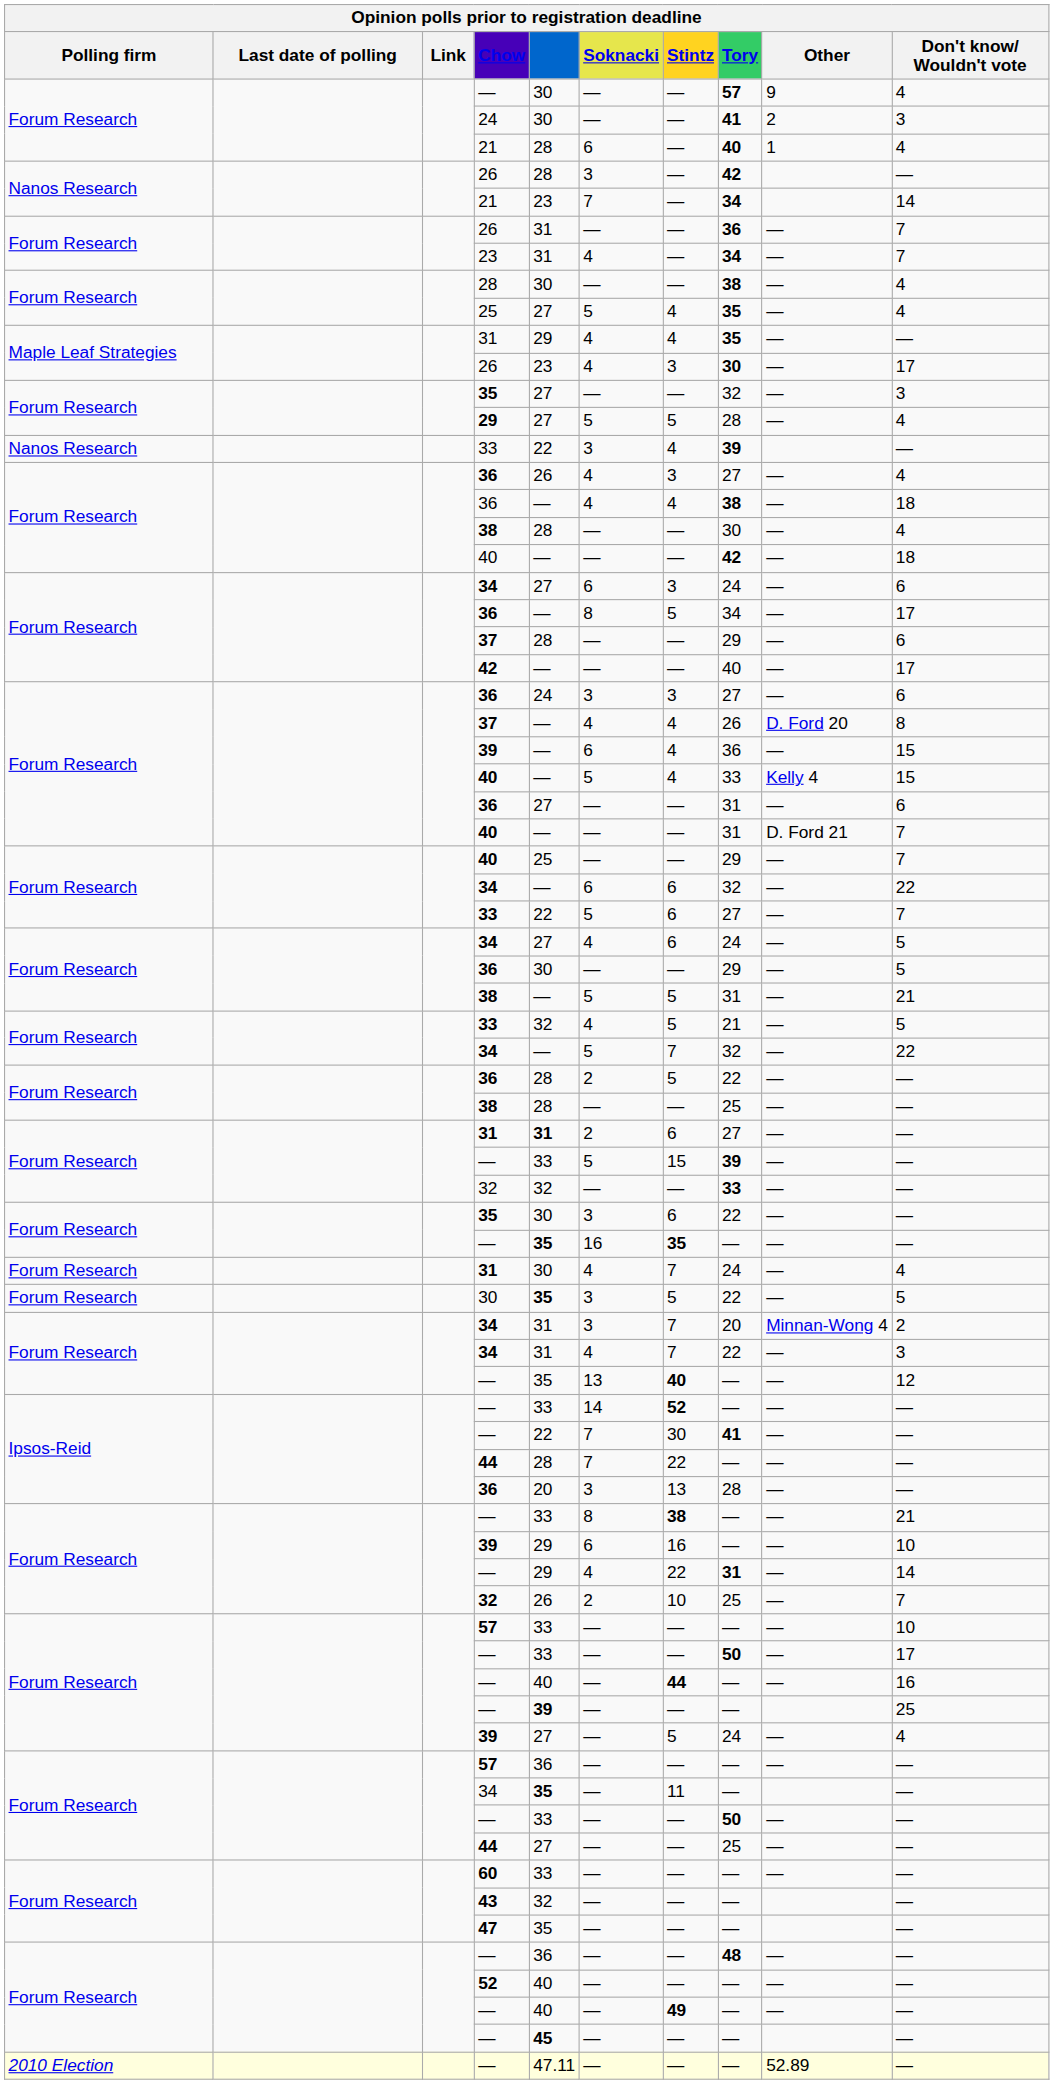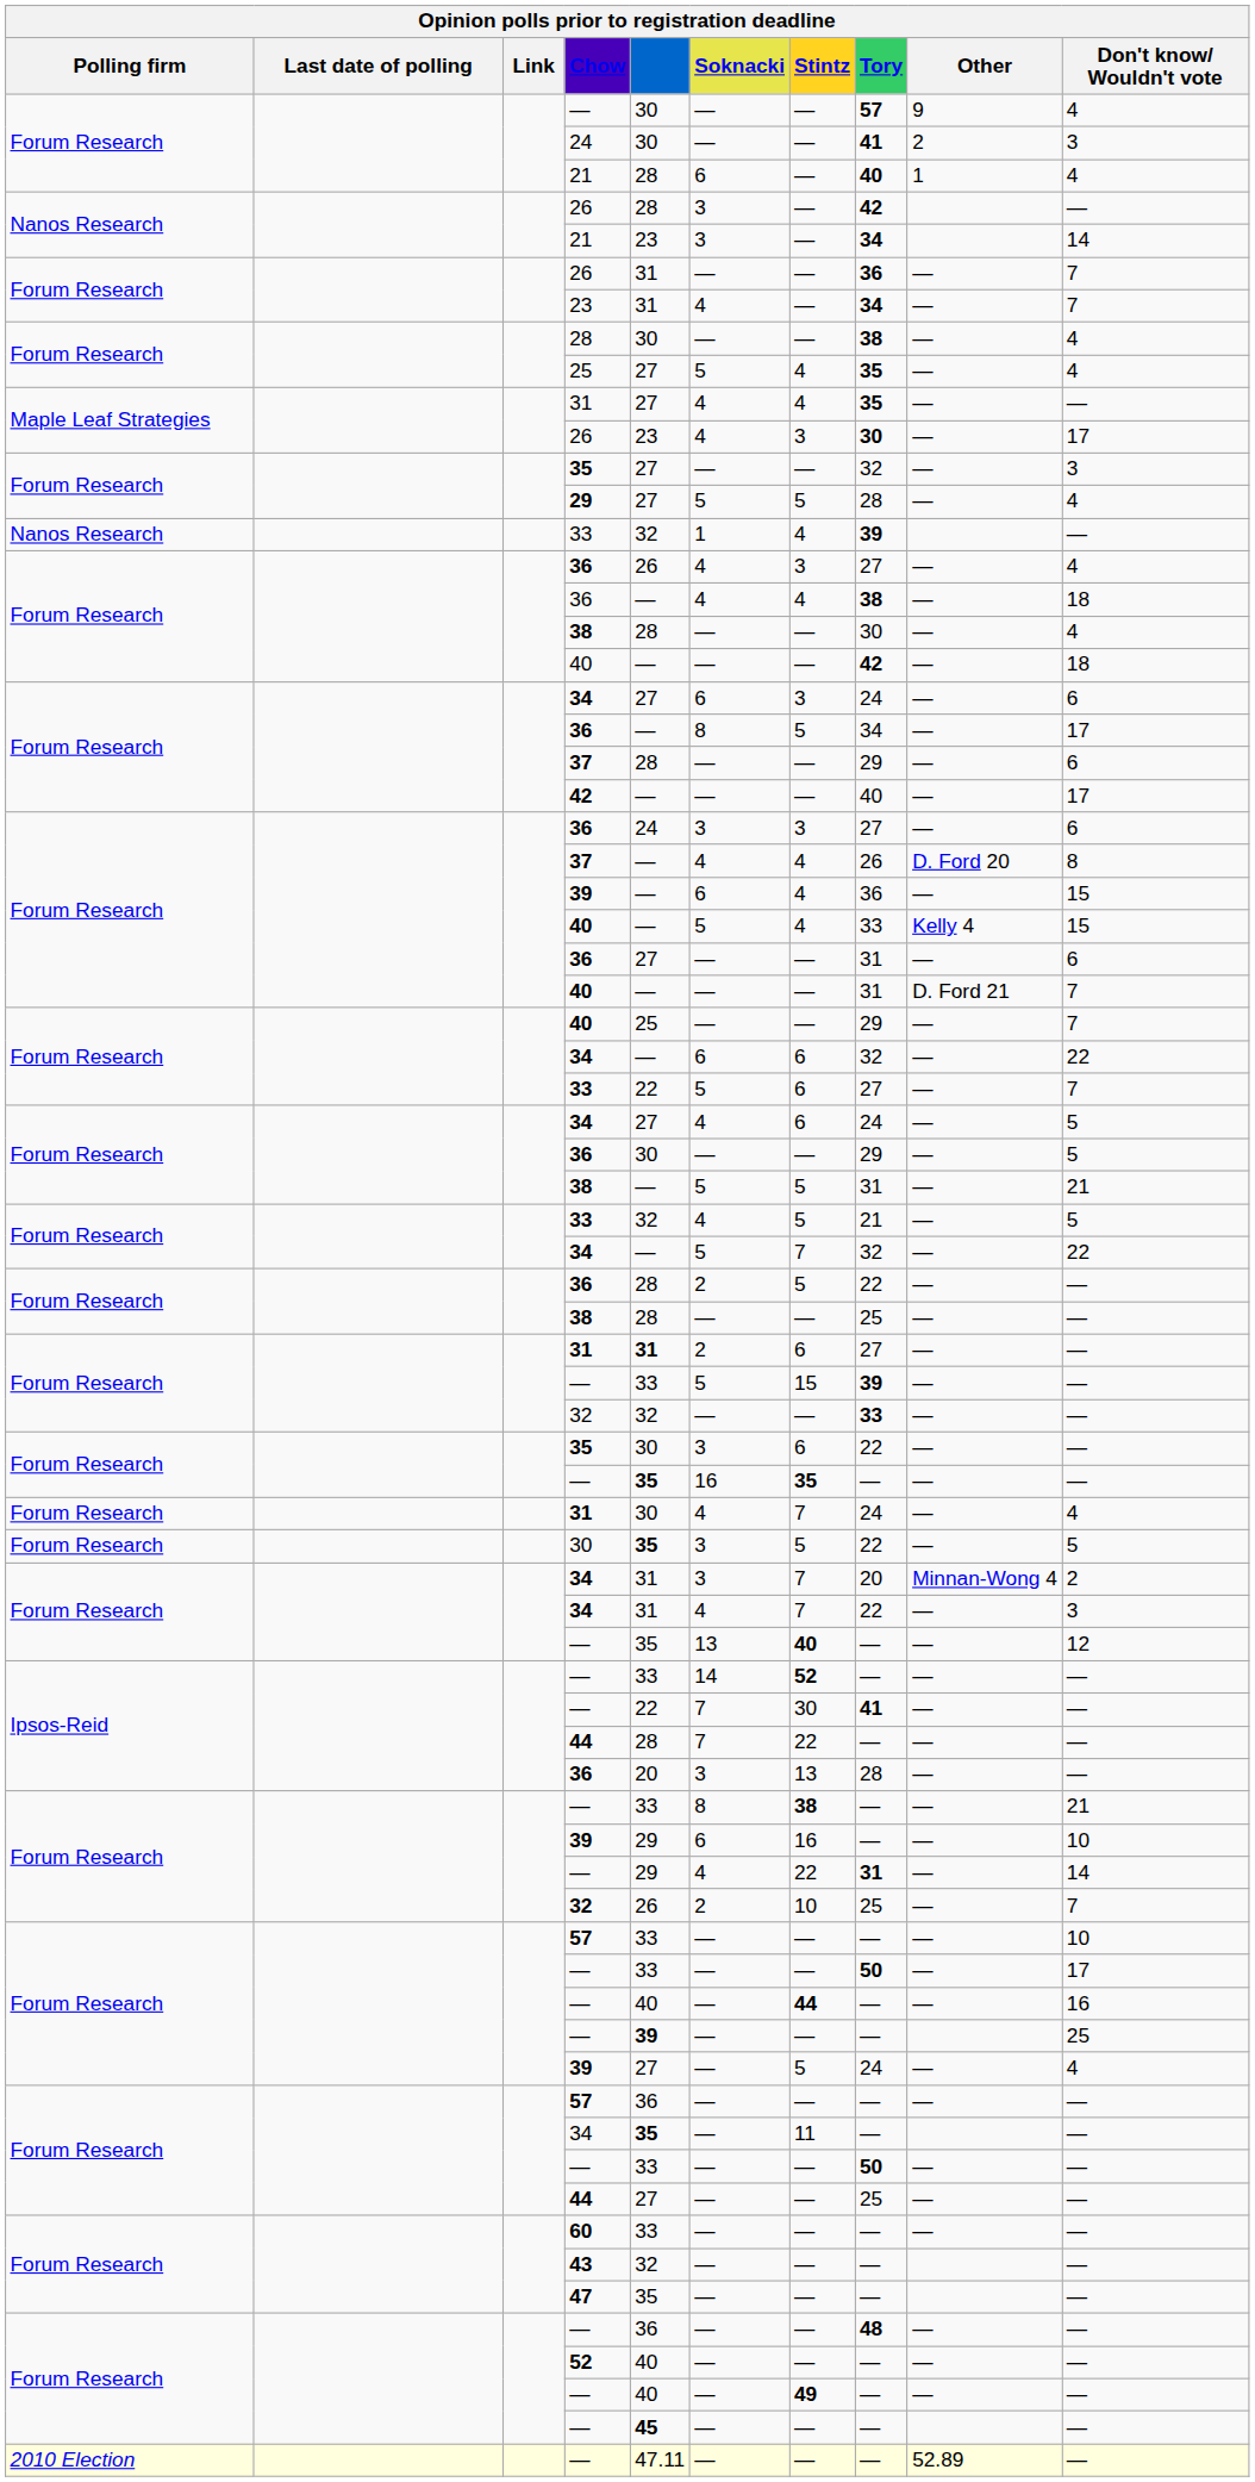 <table class="wikitable collapsible sortable collapsed">
 <tr style="background:#e9e9e9;">
 <th width=750px, colspan="10">Opinion polls prior to registration deadline</th>
 </tr>
 <tr style="background:#e9e9e9;">
 <th width=20%>Polling firm</th>
 <th width=20%>Last date of polling</th>
 <th style="width:5%;" class="unsortable">Link</th>
 <th style="background-color: #4700B8;" align="center"><strong><a href='#'><span>Chow</span></a></strong></th>
 <th style="background-color: #0066CC;" align="center"><strong><a href='#'><span></span></a></strong></th>
 <th style="background-color: #E6E64C;" align="center"><strong><a href='#'>Soknacki</a></strong></th>
 <th style="background-color: #FFD320;" align="center"><strong><a href='#'>Stintz</a></strong></th>
 <th style="background-color: #33CC66;" align="center"><strong><a href='#'>Tory</a></strong></th>
 <th style="background-color:"><strong>Other</strong></th>
 <th width=15%>Don't know/<br>Wouldn't vote</th>
 </tr>
 <tr>
 <td rowspan=3><a href='#'>Forum Research</a></td>
 <td rowspan=3></td>
 <td rowspan=3></td>
 <td>—</td>
 <td>30</td>
 <td>—</td>
 <td>—</td>
 <td><strong>57</strong></td>
 <td>9</td>
 <td>4</td>
 </tr>
 <tr>
 <td>24</td>
 <td>30</td>
 <td>—</td>
 <td>—</td>
 <td><strong>41</strong></td>
 <td>2</td>
 <td>3</td>
 </tr>
 <tr>
 <td>21</td>
 <td>28</td>
 <td>6</td>
 <td>—</td>
 <td><strong>40</strong></td>
 <td>1</td>
 <td>4</td>
 </tr>
 <tr>
 <td rowspan=2><a href='#'>Nanos Research</a></td>
 <td rowspan=2></td>
 <td rowspan=2></td>
 <td>26</td>
 <td>28</td>
 <td>3</td>
 <td>—</td>
 <td><strong>42</strong></td>
 <td></td>
 <td>—</td>
 </tr>
 <tr>
 <td>21</td>
 <td>23</td>
-<td>7</td>
+<td>3</td>
 <td>—</td>
 <td><strong>34</strong></td>
 <td></td>
 <td>14</td>
 </tr>
 <tr>
 <td rowspan=2><a href='#'>Forum Research</a></td>
 <td rowspan=2></td>
 <td rowspan=2></td>
 <td>26</td>
 <td>31</td>
 <td>—</td>
 <td>—</td>
 <td><strong>36</strong></td>
 <td>—</td>
 <td>7</td>
 </tr>
 <tr>
 <td>23</td>
 <td>31</td>
 <td>4</td>
 <td>—</td>
 <td><strong>34</strong></td>
 <td>—</td>
 <td>7</td>
 </tr>
 <tr>
 <td rowspan=2><a href='#'>Forum Research</a></td>
 <td rowspan=2></td>
 <td rowspan=2></td>
 <td>28</td>
 <td>30</td>
 <td>—</td>
 <td>—</td>
 <td><strong>38</strong></td>
 <td>—</td>
 <td>4</td>
 </tr>
 <tr>
 <td>25</td>
 <td>27</td>
 <td>5</td>
 <td>4</td>
 <td><strong>35</strong></td>
 <td>—</td>
 <td>4</td>
 </tr>
 <tr>
 <td rowspan=2><a href='#'>Maple Leaf Strategies</a></td>
 <td rowspan=2></td>
 <td rowspan=2> </td>
 <td>31</td>
-<td>29</td>
+<td>27</td>
 <td>4</td>
 <td>4</td>
 <td><strong>35</strong></td>
 <td>—</td>
 <td>—</td>
 </tr>
 <tr>
 <td>26</td>
 <td>23</td>
 <td>4</td>
 <td>3</td>
 <td><strong>30</strong></td>
 <td>—</td>
 <td>17</td>
 </tr>
 <tr>
 <td rowspan=2><a href='#'>Forum Research</a></td>
 <td rowspan=2></td>
 <td rowspan=2></td>
 <td><strong>35</strong></td>
 <td>27</td>
 <td>—</td>
 <td>—</td>
 <td>32</td>
 <td>—</td>
 <td>3</td>
 </tr>
 <tr>
 <td><strong>29</strong></td>
 <td>27</td>
 <td>5</td>
 <td>5</td>
 <td>28</td>
 <td>—</td>
 <td>4</td>
 </tr>
 <tr>
 <td rowspan=1><a href='#'>Nanos Research</a></td>
 <td rowspan=1></td>
 <td rowspan=1></td>
 <td>33</td>
-<td>22</td>
-<td>3</td>
+<td>32</td>
+<td>1</td>
 <td>4</td>
 <td><strong>39</strong></td>
 <td></td>
 <td>—</td>
 </tr>
 <tr>
 <td rowspan=4><a href='#'>Forum Research</a></td>
 <td rowspan=4></td>
 <td rowspan=4></td>
 <td><strong>36</strong></td>
 <td>26</td>
 <td>4</td>
 <td>3</td>
 <td>27</td>
 <td>—</td>
 <td>4</td>
 </tr>
 <tr>
 <td>36</td>
 <td>—</td>
 <td>4</td>
 <td>4</td>
 <td><strong>38</strong></td>
 <td>—</td>
 <td>18</td>
 </tr>
 <tr>
 <td><strong>38</strong></td>
 <td>28</td>
 <td>—</td>
 <td>—</td>
 <td>30</td>
 <td>—</td>
 <td>4</td>
 </tr>
 <tr>
 <td>40</td>
 <td>—</td>
 <td>—</td>
 <td>—</td>
 <td><strong>42</strong></td>
 <td>—</td>
 <td>18</td>
 </tr>
 <tr>
 <td rowspan=4><a href='#'>Forum Research</a></td>
 <td rowspan=4></td>
 <td rowspan=4></td>
 <td><strong>34</strong></td>
 <td>27</td>
 <td>6</td>
 <td>3</td>
 <td>24</td>
 <td>—</td>
 <td>6</td>
 </tr>
 <tr>
 <td><strong>36</strong></td>
 <td>—</td>
 <td>8</td>
 <td>5</td>
 <td>34</td>
 <td>—</td>
 <td>17</td>
 </tr>
 <tr>
 <td><strong>37</strong></td>
 <td>28</td>
 <td>—</td>
 <td>—</td>
 <td>29</td>
 <td>—</td>
 <td>6</td>
 </tr>
 <tr>
 <td><strong>42</strong></td>
 <td>—</td>
 <td>—</td>
 <td>—</td>
 <td>40</td>
 <td>—</td>
 <td>17</td>
 </tr>
 <tr>
 <td rowspan=6><a href='#'>Forum Research</a></td>
 <td rowspan=6></td>
 <td rowspan=6></td>
 <td><strong>36</strong></td>
 <td>24</td>
 <td>3</td>
 <td>3</td>
 <td>27</td>
 <td>—</td>
 <td>6</td>
 </tr>
 <tr>
 <td><strong>37</strong></td>
 <td>—</td>
 <td>4</td>
 <td>4</td>
 <td>26</td>
 <td><a href='#'>D. Ford</a> 20</td>
 <td>8</td>
 </tr>
 <tr>
 <td><strong>39</strong></td>
 <td>—</td>
 <td>6</td>
 <td>4</td>
 <td>36</td>
 <td>—</td>
 <td>15</td>
 </tr>
 <tr>
 <td><strong>40</strong></td>
 <td>—</td>
 <td>5</td>
 <td>4</td>
 <td>33</td>
 <td><a href='#'>Kelly</a> 4</td>
 <td>15</td>
 </tr>
 <tr>
 <td><strong>36</strong></td>
 <td>27</td>
 <td>—</td>
 <td>—</td>
 <td>31</td>
 <td>—</td>
 <td>6</td>
 </tr>
 <tr>
 <td><strong>40</strong></td>
 <td>—</td>
 <td>—</td>
 <td>—</td>
 <td>31</td>
 <td>D. Ford 21</td>
 <td>7</td>
 </tr>
 <tr>
 <td rowspan=3><a href='#'>Forum Research</a></td>
 <td rowspan=3></td>
 <td rowspan=3></td>
 <td><strong>40</strong></td>
 <td>25</td>
 <td>—</td>
 <td>—</td>
 <td>29</td>
 <td>—</td>
 <td>7</td>
 </tr>
 <tr>
 <td><strong>34</strong></td>
 <td>—</td>
 <td>6</td>
 <td>6</td>
 <td>32</td>
 <td>—</td>
 <td>22</td>
 </tr>
 <tr>
 <td><strong>33</strong></td>
 <td>22</td>
 <td>5</td>
 <td>6</td>
 <td>27</td>
 <td>—</td>
 <td>7</td>
 </tr>
 <tr>
 <td rowspan=3><a href='#'>Forum Research</a></td>
 <td rowspan=3></td>
 <td rowspan=3></td>
 <td><strong>34</strong></td>
 <td>27</td>
 <td>4</td>
 <td>6</td>
 <td>24</td>
 <td>—</td>
 <td>5</td>
 </tr>
 <tr>
 <td><strong>36</strong></td>
 <td>30</td>
 <td>—</td>
 <td>—</td>
 <td>29</td>
 <td>—</td>
 <td>5</td>
 </tr>
 <tr>
 <td><strong>38</strong></td>
 <td>—</td>
 <td>5</td>
 <td>5</td>
 <td>31</td>
 <td>—</td>
 <td>21</td>
 </tr>
 <tr>
 <td rowspan=2><a href='#'>Forum Research</a></td>
 <td rowspan=2></td>
 <td rowspan=2></td>
 <td><strong>33</strong></td>
 <td>32</td>
 <td>4</td>
 <td>5</td>
 <td>21</td>
 <td>—</td>
 <td>5</td>
 </tr>
 <tr>
 <td><strong>34</strong></td>
 <td>—</td>
 <td>5</td>
 <td>7</td>
 <td>32</td>
 <td>—</td>
 <td>22</td>
 </tr>
 <tr>
 <td rowspan=2><a href='#'>Forum Research</a></td>
 <td rowspan=2></td>
 <td rowspan=2></td>
 <td><strong>36</strong></td>
 <td>28</td>
 <td>2</td>
 <td>5</td>
 <td>22</td>
 <td>—</td>
 <td>—</td>
 </tr>
 <tr>
 <td><strong>38</strong></td>
 <td>28</td>
 <td>—</td>
 <td>—</td>
 <td>25</td>
 <td>—</td>
 <td>—</td>
 </tr>
 <tr>
 <td rowspan=3><a href='#'>Forum Research</a></td>
 <td rowspan=3></td>
 <td rowspan=3></td>
 <td><strong>31</strong></td>
 <td><strong>31</strong></td>
 <td>2</td>
 <td>6</td>
 <td>27</td>
 <td>—</td>
 <td>—</td>
 </tr>
 <tr>
 <td>—</td>
 <td>33</td>
 <td>5</td>
 <td>15</td>
 <td><strong>39</strong></td>
 <td>—</td>
 <td>—</td>
 </tr>
 <tr>
 <td>32</td>
 <td>32</td>
 <td>—</td>
 <td>—</td>
 <td><strong>33</strong></td>
 <td>—</td>
 <td>—</td>
 </tr>
 <tr>
 <td rowspan=2><a href='#'>Forum Research</a></td>
 <td rowspan=2></td>
 <td rowspan=2></td>
 <td><strong>35</strong></td>
 <td>30</td>
 <td>3</td>
 <td>6</td>
 <td>22</td>
 <td>—</td>
 <td>—</td>
 </tr>
 <tr>
 <td>—</td>
 <td><strong>35</strong></td>
 <td>16</td>
 <td><strong>35</strong></td>
 <td>—</td>
 <td>—</td>
 <td>—</td>
 </tr>
 <tr>
 <td rowspan=1><a href='#'>Forum Research</a></td>
 <td rowspan=1></td>
 <td rowspan=1></td>
 <td><strong>31</strong></td>
 <td>30</td>
 <td>4</td>
 <td>7</td>
 <td>24</td>
 <td>—</td>
 <td>4</td>
 </tr>
 <tr>
 <td rowspan=1><a href='#'>Forum Research</a></td>
 <td rowspan=1></td>
 <td rowspan=1></td>
 <td>30</td>
 <td><strong>35</strong></td>
 <td>3</td>
 <td>5</td>
 <td>22</td>
 <td>—</td>
 <td>5</td>
 </tr>
 <tr>
 <td rowspan=3><a href='#'>Forum Research</a></td>
 <td rowspan=3></td>
 <td rowspan=3></td>
 <td><strong>34</strong></td>
 <td>31</td>
 <td>3</td>
 <td>7</td>
 <td>20</td>
 <td><a href='#'>Minnan-Wong</a> 4</td>
 <td>2</td>
 </tr>
 <tr>
 <td><strong>34</strong></td>
 <td>31</td>
 <td>4</td>
 <td>7</td>
 <td>22</td>
 <td>—</td>
 <td>3</td>
 </tr>
 <tr>
 <td>—</td>
 <td>35</td>
 <td>13</td>
 <td><strong>40</strong></td>
 <td>—</td>
 <td>—</td>
 <td>12</td>
 </tr>
 <tr>
 <td rowspan=4><a href='#'>Ipsos-Reid</a></td>
 <td rowspan=4></td>
 <td rowspan=4></td>
 <td>—</td>
 <td>33</td>
 <td>14</td>
 <td><strong>52</strong></td>
 <td>—</td>
 <td>—</td>
 <td>—</td>
 </tr>
 <tr>
 <td>—</td>
 <td>22</td>
 <td>7</td>
 <td>30</td>
 <td><strong>41</strong></td>
 <td>—</td>
 <td>—</td>
 </tr>
 <tr>
 <td><strong>44</strong></td>
 <td>28</td>
 <td>7</td>
 <td>22</td>
 <td>—</td>
 <td>—</td>
 <td>—</td>
 </tr>
 <tr>
 <td><strong>36</strong></td>
 <td>20</td>
 <td>3</td>
 <td>13</td>
 <td>28</td>
 <td>—</td>
 <td>—</td>
 </tr>
 <tr>
 <td rowspan=4><a href='#'>Forum Research</a></td>
 <td rowspan=4></td>
 <td rowspan=4></td>
 <td>—</td>
 <td>33</td>
 <td>8</td>
 <td><strong>38</strong></td>
 <td>—</td>
 <td>—</td>
 <td>21</td>
 </tr>
 <tr>
 <td><strong>39</strong></td>
 <td>29</td>
 <td>6</td>
 <td>16</td>
 <td>—</td>
 <td>—</td>
 <td>10</td>
 </tr>
 <tr>
 <td>—</td>
 <td>29</td>
 <td>4</td>
 <td>22</td>
 <td><strong>31</strong></td>
 <td>—</td>
 <td>14</td>
 </tr>
 <tr>
 <td><strong>32</strong></td>
 <td>26</td>
 <td>2</td>
 <td>10</td>
 <td>25</td>
 <td>—</td>
 <td>7</td>
 </tr>
 <tr>
 <td rowspan=5><a href='#'>Forum Research</a></td>
 <td rowspan=5></td>
 <td rowspan=5></td>
 <td><strong>57</strong></td>
 <td>33</td>
 <td>—</td>
 <td>—</td>
 <td>—</td>
 <td>—</td>
 <td>10</td>
 </tr>
 <tr>
 <td>—</td>
 <td>33</td>
 <td>—</td>
 <td>—</td>
 <td><strong>50</strong></td>
 <td>—</td>
 <td>17</td>
 </tr>
 <tr>
 <td>—</td>
 <td>40</td>
 <td>—</td>
 <td><strong>44</strong></td>
 <td>—</td>
 <td>—</td>
 <td>16</td>
 </tr>
 <tr>
 <td>—</td>
 <td><strong>39</strong></td>
 <td>—</td>
 <td>—</td>
 <td>—</td>
 <td></td>
 <td>25</td>
 </tr>
 <tr>
 <td><strong>39</strong></td>
 <td>27</td>
 <td>—</td>
 <td>5</td>
 <td>24</td>
 <td>—</td>
 <td>4</td>
 </tr>
 <tr>
 <td rowspan=4><a href='#'>Forum Research</a></td>
 <td rowspan=4></td>
 <td rowspan=4></td>
 <td><strong>57</strong></td>
 <td>36</td>
 <td>—</td>
 <td>—</td>
 <td>—</td>
 <td>—</td>
 <td>—</td>
 </tr>
 <tr>
 <td>34</td>
 <td><strong>35</strong></td>
 <td>—</td>
 <td>11</td>
 <td>—</td>
 <td></td>
 <td>—</td>
 </tr>
 <tr>
 <td>—</td>
 <td>33</td>
 <td>—</td>
 <td>—</td>
 <td><strong>50</strong></td>
 <td>—</td>
 <td>—</td>
 </tr>
 <tr>
 <td><strong>44</strong></td>
 <td>27</td>
 <td>—</td>
 <td>—</td>
 <td>25</td>
 <td>—</td>
 <td>—</td>
 </tr>
 <tr>
 <td rowspan=3><a href='#'>Forum Research</a></td>
 <td rowspan=3></td>
 <td rowspan=3></td>
 <td><strong>60</strong></td>
 <td>33</td>
 <td>—</td>
 <td>—</td>
 <td>—</td>
 <td>—</td>
 <td>—</td>
 </tr>
 <tr>
 <td><strong>43</strong></td>
 <td>32</td>
 <td>—</td>
 <td>—</td>
 <td>—</td>
 <td><br></td>
 <td>—</td>
 </tr>
 <tr>
 <td><strong>47</strong></td>
 <td>35</td>
 <td>—</td>
 <td>—</td>
 <td>—</td>
 <td><br></td>
 <td>—</td>
 </tr>
 <tr>
 <td rowspan=4><a href='#'>Forum Research</a></td>
 <td rowspan=4></td>
 <td rowspan=4></td>
 <td>—</td>
 <td>36</td>
 <td>—</td>
 <td>—</td>
 <td><strong>48</strong></td>
 <td>—</td>
 <td>—</td>
 </tr>
 <tr>
 <td><strong>52</strong></td>
 <td>40</td>
 <td>—</td>
 <td>—</td>
 <td>—</td>
 <td>—</td>
 <td>—</td>
 </tr>
 <tr>
 <td>—</td>
 <td>40</td>
 <td>—</td>
 <td><strong>49</strong></td>
 <td>—</td>
 <td>—</td>
 <td>—</td>
 </tr>
 <tr>
 <td>—</td>
 <td><strong>45</strong></td>
 <td>—</td>
 <td>—</td>
 <td>—</td>
 <td></td>
 <td>—</td>
 </tr>
 <tr>
 <td style="background:#ffd;"><em><a href='#'>2010 Election</a></em></td>
 <td style="background:#ffd;"></td>
 <td style="background:#ffd;"></td>
 <td style="background:#ffd;">—</td>
 <td style="background:#ffd;">47.11</td>
 <td style="background:#ffd;">—</td>
 <td style="background:#ffd;">—</td>
 <td style="background:#ffd;">—</td>
 <td style="background:#ffd;">52.89</td>
 <td style="background:#ffd;">—</td>
 </tr>
 </table>
